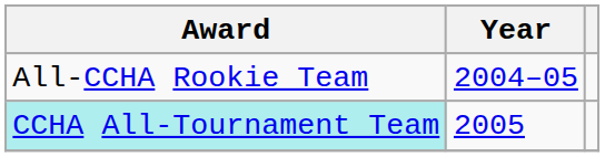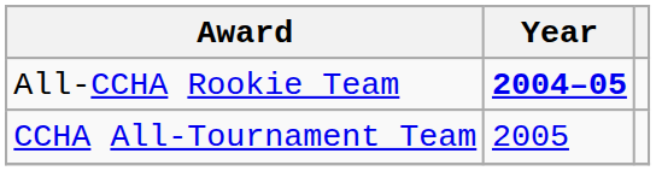 <table class="wikitable">
 <tr>
 <th>Award</th>
 <th>Year</th>
 <th></th>
 </tr>
 <tr>
 <td>All-<a href='#'>CCHA</a> <a href='#'>Rookie Team</a></td>
-<td><a href='#'>2004–05</a></td>
+<td><strong><a href='#'>2004–05</a></strong></td>
 <td></td>
 </tr>
 <tr>
-<td style="background: paleturquoise;"><a href='#'>CCHA</a> <a href='#'>All-Tournament Team</a></td>
+<td><a href='#'>CCHA</a> <a href='#'>All-Tournament Team</a></td>
 <td><a href='#'>2005</a></td>
 <td></td>
 </tr>
 <tr>
 </tr>
 </table>
